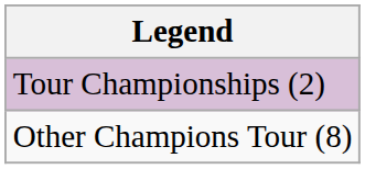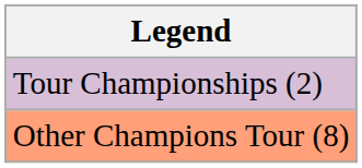 <table class="wikitable" style="font-size:95%;">
 <tr>
 <th>Legend</th>
 </tr>
 <tr style="background:thistle;">
 <td>Tour Championships (2)</td>
 </tr>
 <tr>
-<td>Other Champions Tour (8)</td>
+<td style="background: lightsalmon;">Other Champions Tour (8)</td>
 </tr>
 </table>
